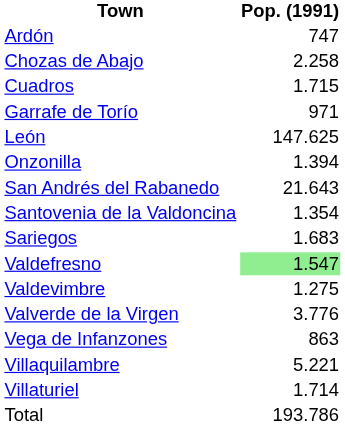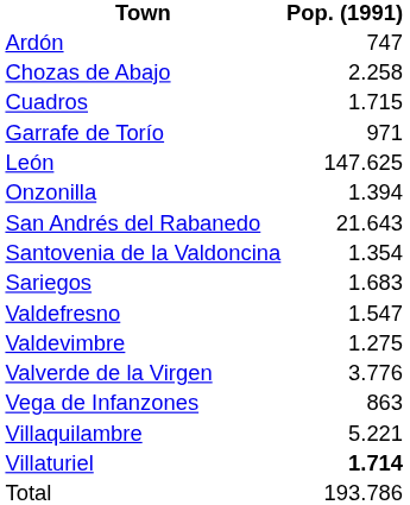 <table class="nicetable">
 <tr>
 <th>Town</th>
 <th>Pop. (1991)</th>
 </tr>
 <tr>
 <td><a href='#'>Ardón</a></td>
 <td align=right>747</td>
 </tr>
 <tr>
 <td><a href='#'>Chozas de Abajo</a></td>
 <td align=right>2.258</td>
 </tr>
 <tr>
 <td><a href='#'>Cuadros</a></td>
 <td align=right>1.715</td>
 </tr>
 <tr>
 <td><a href='#'>Garrafe de Torío</a></td>
 <td align=right>971</td>
 </tr>
 <tr>
 <td><a href='#'>León</a></td>
 <td align=right>147.625</td>
 </tr>
 <tr>
 <td><a href='#'>Onzonilla</a></td>
 <td align=right>1.394</td>
 </tr>
 <tr>
 <td><a href='#'>San Andrés del Rabanedo</a></td>
 <td align=right>21.643</td>
 </tr>
 <tr>
 <td><a href='#'>Santovenia de la Valdoncina</a></td>
 <td align=right>1.354</td>
 </tr>
 <tr>
 <td><a href='#'>Sariegos</a></td>
 <td align=right>1.683</td>
 </tr>
 <tr>
 <td><a href='#'>Valdefresno</a></td>
-<td align=right style="background: lightgreen;">1.547</td>
+<td align=right>1.547</td>
 </tr>
 <tr>
 <td><a href='#'>Valdevimbre</a></td>
 <td align=right>1.275</td>
 </tr>
 <tr>
 <td><a href='#'>Valverde de la Virgen</a></td>
 <td align=right>3.776</td>
 </tr>
 <tr>
 <td><a href='#'>Vega de Infanzones</a></td>
 <td align=right>863</td>
 </tr>
 <tr>
 <td><a href='#'>Villaquilambre</a></td>
 <td align=right>5.221</td>
 </tr>
 <tr>
 <td><a href='#'>Villaturiel</a></td>
-<td align=right>1.714</td>
+<td align=right><strong>1.714</strong></td>
 </tr>
 <tr>
 <td>Total</td>
 <td align=right>193.786</td>
 </tr>
 <tr>
 </tr>
 </table>
